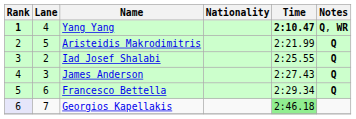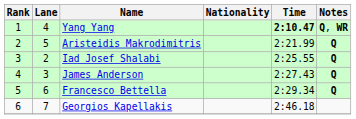 <table class="wikitable">
 <tr>
 <th>Rank</th>
 <th>Lane</th>
 <th>Name</th>
 <th>Nationality</th>
 <th>Time</th>
 <th>Notes</th>
 </tr>
 <tr bgcolor=ccffcc>
-<td align=center><strong>1</strong></td>
+<td align=center>1</td>
 <td align=center>4</td>
 <td><a href='#'>Yang Yang</a></td>
 <td></td>
 <td align=center><strong>2:10.47</strong></td>
 <td align=center><strong>Q</strong>, <strong>WR</strong></td>
 </tr>
 <tr bgcolor=ccffcc>
 <td align=center>2</td>
 <td align=center>5</td>
 <td><a href='#'>Aristeidis Makrodimitris</a></td>
 <td></td>
 <td align=center>2:21.99</td>
 <td align=center><strong>Q</strong></td>
 </tr>
 <tr bgcolor=ccffcc>
 <td align=center>3</td>
 <td align=center>2</td>
 <td><a href='#'>Iad Josef Shalabi</a></td>
 <td></td>
 <td align=center>2:25.55</td>
 <td align=center><strong>Q</strong></td>
 </tr>
 <tr bgcolor=ccffcc>
 <td align=center>4</td>
 <td align=center>3</td>
 <td><a href='#'>James Anderson</a></td>
 <td></td>
 <td align=center>2:27.43</td>
 <td align=center><strong>Q</strong></td>
 </tr>
 <tr bgcolor=ccffcc>
 <td align=center>5</td>
 <td align=center>6</td>
 <td><a href='#'>Francesco Bettella</a></td>
 <td></td>
 <td align=center>2:29.34</td>
 <td align=center><strong>Q</strong></td>
 </tr>
 <tr>
-<td align=center style="background: lavender;">6</td>
+<td align=center>6</td>
 <td align=center>7</td>
 <td><a href='#'>Georgios Kapellakis</a></td>
 <td></td>
-<td align=center style="background: lightgreen;">2:46.18</td>
+<td align=center>2:46.18</td>
 <td align=center></td>
 </tr>
 <tr>
 </tr>
 </table>
